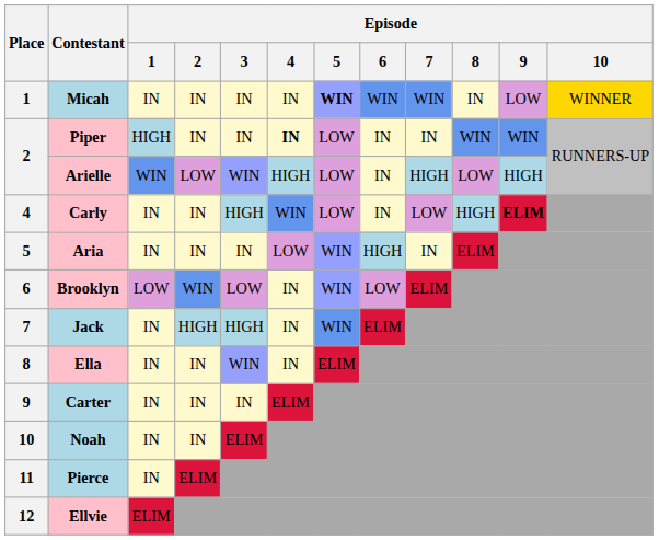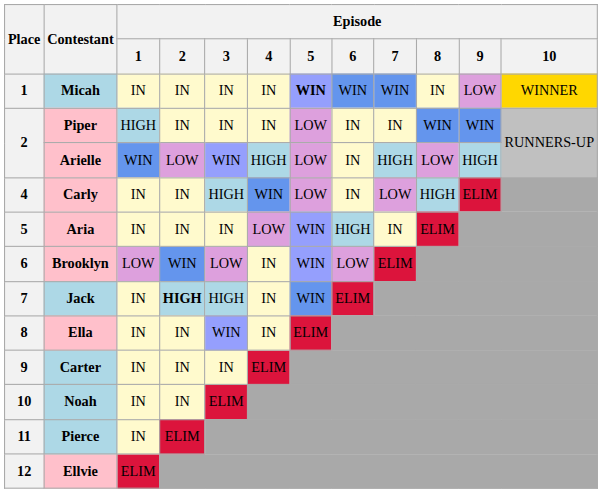 <table class="wikitable" style="text-align: center; font-size: 10pt; line-height:26px;">
 <tr>
 <th rowspan="2">Place</th>
 <th rowspan="2">Contestant</th>
 <th colspan="10">Episode</th>
 </tr>
 <tr>
 <th colspan="1">1</th>
 <th colspan="1">2</th>
 <th colspan="1">3</th>
 <th colspan="1">4</th>
 <th colspan="1">5</th>
 <th colspan="1">6</th>
 <th colspan="1">7</th>
 <th colspan="1">8</th>
 <th colspan="1">9</th>
 <th colspan="1">10</th>
 </tr>
 <tr>
 <th>1</th>
 <th style="background:lightblue">Micah</th>
 <td style="background:lemonchiffon">IN</td>
 <td style="background:lemonchiffon">IN</td>
 <td style="background:lemonchiffon">IN</td>
 <td style="background:lemonchiffon">IN</td>
 <td style="background:#959FFD"><strong>WIN</strong></td>
 <td style="background:cornflowerblue">WIN</td>
 <td style="background:cornflowerblue">WIN</td>
 <td style="background:lemonchiffon">IN</td>
 <td style="background:plum">LOW</td>
 <td style="background:gold">WINNER</td>
 </tr>
 <tr>
 <th rowspan="2">2</th>
 <th style="background:pink">Piper</th>
 <td style="background:lightblue">HIGH</td>
 <td style="background:lemonchiffon">IN</td>
 <td style="background:lemonchiffon">IN</td>
-<td style="background:lemonchiffon"><strong>IN</strong></td>
+<td style="background:lemonchiffon">IN</td>
 <td style="background:plum">LOW</td>
 <td style="background:lemonchiffon">IN</td>
 <td style="background:lemonchiffon">IN</td>
 <td style="background:cornflowerblue">WIN</td>
 <td style="background:cornflowerblue">WIN</td>
 <td rowspan="2" style="background:silver">RUNNERS-UP</td>
 </tr>
 <tr>
 <th style="background:pink">Arielle</th>
 <td style="background:cornflowerblue">WIN</td>
 <td style="background:plum">LOW</td>
 <td style="background:#959FFD">WIN</td>
 <td style="background:lightblue">HIGH</td>
 <td style="background:plum">LOW</td>
 <td style="background:lemonchiffon">IN</td>
 <td style="background:lightblue">HIGH</td>
 <td style="background:plum">LOW</td>
 <td style="background:lightblue">HIGH</td>
 </tr>
 <tr>
 <th>4</th>
 <th style="background:pink">Carly</th>
 <td style="background:lemonchiffon">IN</td>
 <td style="background:lemonchiffon">IN</td>
 <td style="background:lightblue">HIGH</td>
 <td style="background:cornflowerblue">WIN</td>
 <td style="background:plum">LOW</td>
 <td style="background:lemonchiffon">IN</td>
 <td style="background:plum">LOW</td>
 <td style="background:lightblue">HIGH</td>
-<td style="background:crimson"><strong>ELIM</strong></td>
+<td style="background:crimson">ELIM</td>
 <td style="background:darkgray;"></td>
 </tr>
 <tr>
 <th>5</th>
 <th style="background:pink">Aria</th>
 <td style="background:lemonchiffon">IN</td>
 <td style="background:lemonchiffon">IN</td>
 <td style="background:lemonchiffon">IN</td>
 <td style="background:plum">LOW</td>
 <td style="background:#959FFD">WIN</td>
 <td style="background:lightblue">HIGH</td>
 <td style="background:lemonchiffon">IN</td>
 <td style="background:crimson">ELIM</td>
 <td colspan="2" style="background:darkgrey;"></td>
 </tr>
 <tr>
 <th>6</th>
 <th style="background:pink">Brooklyn</th>
 <td style="background:plum">LOW</td>
 <td style="background:cornflowerblue">WIN</td>
 <td style="background:plum">LOW</td>
 <td style="background:lemonchiffon">IN</td>
 <td style="background:#959FFD">WIN</td>
 <td style="background:plum">LOW</td>
 <td style="background:crimson">ELIM</td>
 <td colspan="3" style="background:darkgrey;"></td>
 </tr>
 <tr>
 <th>7</th>
 <th style="background:lightblue">Jack</th>
 <td style="background:lemonchiffon">IN</td>
-<td style="background:lightblue">HIGH</td>
+<td style="background:lightblue"><strong>HIGH</strong></td>
 <td style="background:lightblue">HIGH</td>
 <td style="background:lemonchiffon">IN</td>
 <td style="background:cornflowerblue">WIN</td>
 <td style="background:crimson">ELIM</td>
 <td colspan="4" style="background:darkgrey;"></td>
 </tr>
 <tr>
 <th>8</th>
 <th style="background:pink">Ella</th>
 <td style="background:lemonchiffon">IN</td>
 <td style="background:lemonchiffon">IN</td>
 <td style="background:#959FFD">WIN</td>
 <td style="background:lemonchiffon">IN</td>
 <td style="background:crimson">ELIM</td>
 <td colspan="5" style="background:darkgrey;"></td>
 </tr>
 <tr>
 <th>9</th>
 <th style="background:lightblue">Carter</th>
 <td style="background:lemonchiffon">IN</td>
 <td style="background:lemonchiffon">IN</td>
 <td style="background:lemonchiffon">IN</td>
 <td style="background:crimson">ELIM</td>
 <td colspan="6" style="background:darkgrey;"></td>
 </tr>
 <tr>
 <th>10</th>
 <th style="background:lightblue">Noah</th>
 <td style="background:lemonchiffon">IN</td>
 <td style="background:lemonchiffon">IN</td>
 <td style="background:crimson">ELIM</td>
 <td colspan="7" style="background:darkgrey;"></td>
 </tr>
 <tr>
 <th>11</th>
 <th style="background:lightblue">Pierce</th>
 <td style="background:lemonchiffon">IN</td>
 <td style="background:crimson">ELIM</td>
 <td colspan="8" style="background:darkgrey;"></td>
 </tr>
 <tr>
 <th>12</th>
 <th style="background:pink">Ellvie</th>
 <td style="background:crimson">ELIM</td>
 <td colspan="9" style="background:darkgrey;"></td>
 </tr>
 </table>
